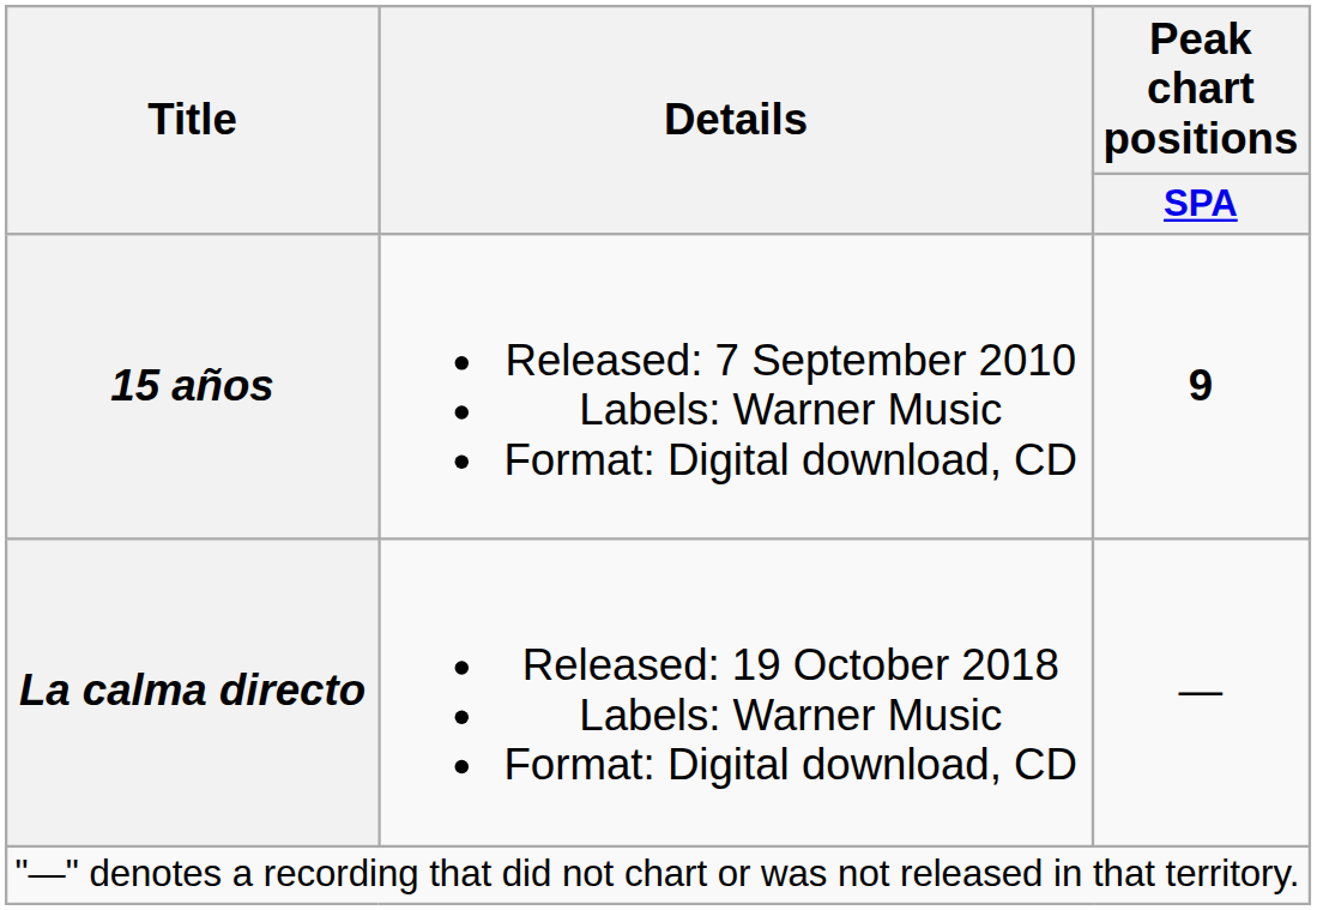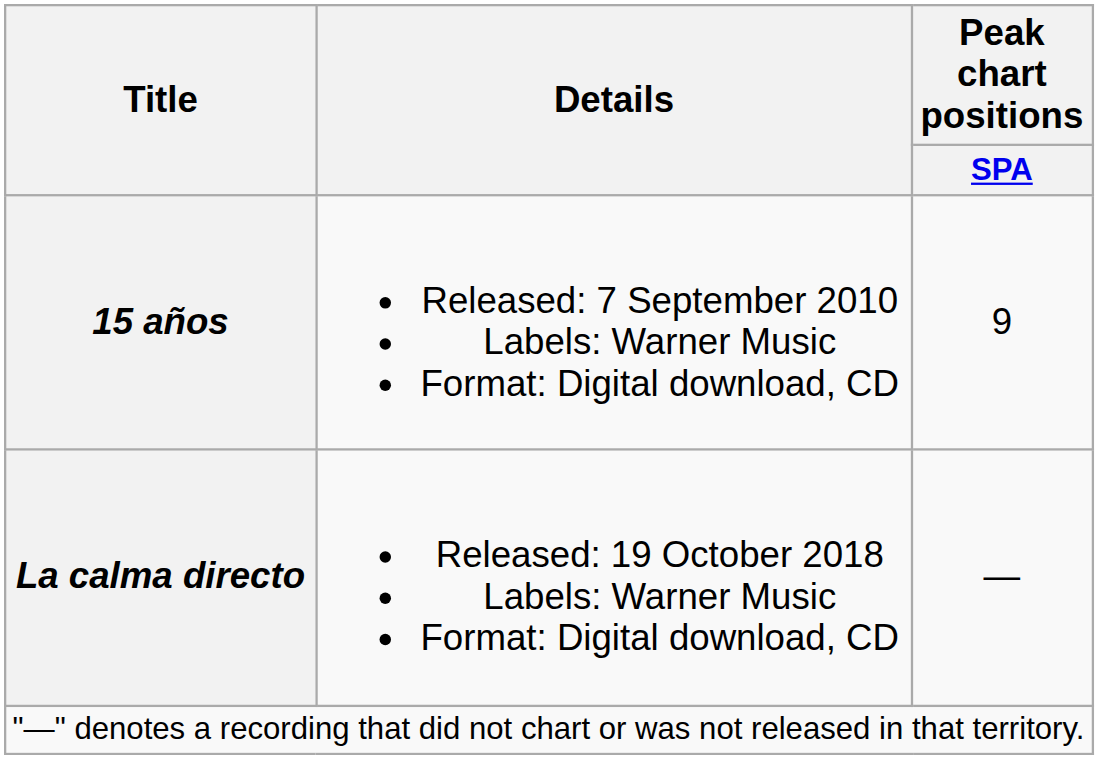 <table class="wikitable plainrowheaders" style="text-align:center;">
 <tr>
 <th scope="col" rowspan="2">Title</th>
 <th scope="col" rowspan="2">Details</th>
 <th scope="col" colspan="1">Peak chart positions</th>
 </tr>
 <tr>
 <th scope="col" style="width:3em;font-size:85%;"><a href='#'>SPA</a></th>
 </tr>
 <tr>
 <th scope="row"><em>15 años</em></th>
 <td><br><ul><li>Released: 7 September 2010</li><li>Labels: Warner Music</li><li>Format: Digital download, CD</li></ul></td>
-<td><strong>9</strong></td>
+<td>9</td>
 </tr>
 <tr>
 <th scope="row"><em>La calma directo</em></th>
 <td><br><ul><li>Released: 19 October 2018</li><li>Labels: Warner Music</li><li>Format: Digital download, CD</li></ul></td>
 <td>—</td>
 </tr>
 <tr>
 <td colspan="14" style="font-size:85%">"—" denotes a recording that did not chart or was not released in that territory.</td>
 </tr>
 </table>
